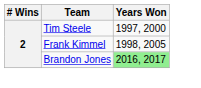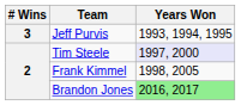 <table class="wikitable" style="font-size: 95%;">
 <tr>
 <th># Wins</th>
 <th>Team</th>
 <th>Years Won</th>
 </tr>
 <tr>
+<th>3</th>
+<td><a href='#'>Jeff Purvis</a></td>
+<td>1993, 1994, 1995</td>
+</tr>
+<tr>
 <th rowspan=3>2</th>
 <td><a href='#'>Tim Steele</a></td>
-<td>1997, 2000</td>
+<td style="background: lavender;">1997, 2000</td>
 </tr>
 <tr>
 <td><a href='#'>Frank Kimmel</a></td>
 <td>1998, 2005</td>
 </tr>
 <tr>
 <td><a href='#'>Brandon Jones</a></td>
 <td style="background: lightgreen;">2016, 2017</td>
 </tr>
 </table>
